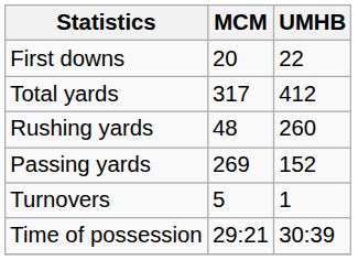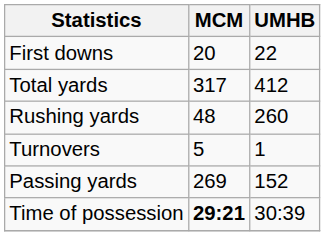 <table class="wikitable">
 <tr>
 <th>Statistics</th>
 <th>MCM</th>
 <th>UMHB</th>
 </tr>
 <tr>
 <td>First downs</td>
 <td>20</td>
 <td>22</td>
 </tr>
 <tr>
 <td>Total yards</td>
 <td>317</td>
 <td>412</td>
 </tr>
 <tr>
 <td>Rushing yards</td>
 <td>48</td>
 <td>260</td>
 </tr>
 <tr>
+<td>Turnovers</td>
+<td>5</td>
+<td>1</td>
+</tr>
+<tr>
 <td>Passing yards</td>
 <td>269</td>
 <td>152</td>
 </tr>
 <tr>
-<td>Turnovers</td>
-<td>5</td>
-<td>1</td>
-</tr>
-<tr>
 <td>Time of possession</td>
-<td>29:21</td>
+<td><strong>29:21</strong></td>
 <td>30:39</td>
 </tr>
 <tr>
 </tr>
 </table>
